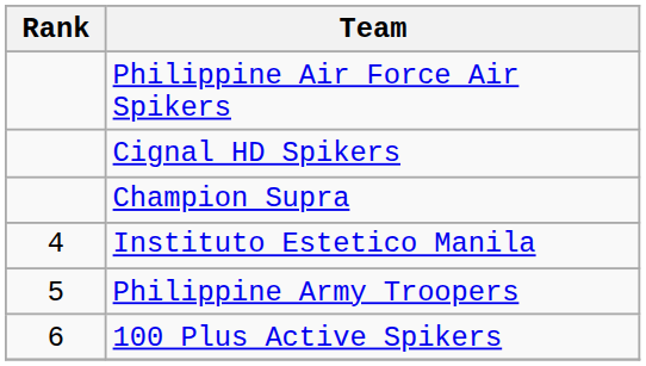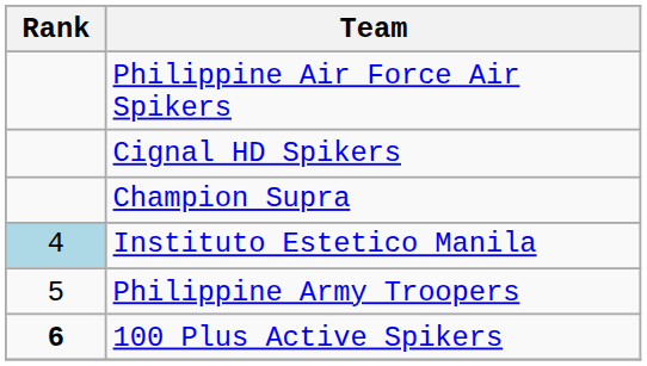 <table class="wikitable" style="text-align: center;">
 <tr>
 <th width=40>Rank</th>
 <th width=240>Team</th>
 </tr>
 <tr>
 <td></td>
 <td align="left"><a href='#'>Philippine Air Force Air Spikers</a></td>
 </tr>
 <tr>
 <td></td>
 <td align="left"><a href='#'>Cignal HD Spikers</a></td>
 </tr>
 <tr>
 <td></td>
 <td align="left"><a href='#'>Champion Supra</a></td>
 </tr>
 <tr>
-<td>4</td>
+<td style="background: lightblue;">4</td>
 <td align="left"><a href='#'>Instituto Estetico Manila</a></td>
 </tr>
 <tr>
 <td>5</td>
 <td align="left"><a href='#'>Philippine Army Troopers</a></td>
 </tr>
 <tr>
-<td>6</td>
+<td><strong>6</strong></td>
 <td align="left"><a href='#'>100 Plus Active Spikers</a></td>
 </tr>
 <tr>
 </tr>
 </table>
